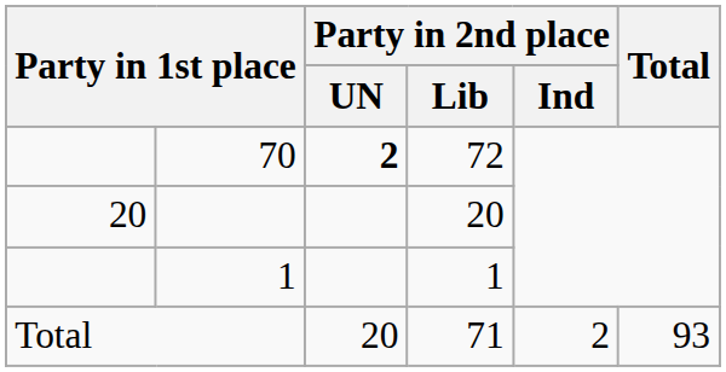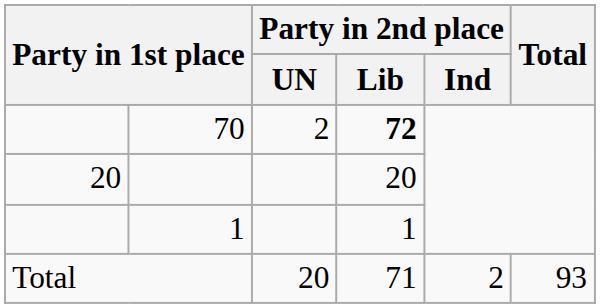 <table class="wikitable" style="text-align:right;">
 <tr>
 <th rowspan="2" colspan="2" style="text-align:left;">Party in 1st place</th>
 <th colspan="3">Party in 2nd place</th>
 <th rowspan="2">Total</th>
 </tr>
 <tr>
 <th>UN</th>
 <th>Lib</th>
 <th>Ind</th>
 </tr>
 <tr>
 <td></td>
 <td>70</td>
-<td><strong>2</strong></td>
-<td>72</td>
+<td>2</td>
+<td><strong>72</strong></td>
 </tr>
 <tr>
 <td>20</td>
 <td></td>
 <td></td>
 <td>20</td>
 </tr>
 <tr>
 <td></td>
 <td>1</td>
 <td></td>
 <td>1</td>
 </tr>
 <tr>
 <td colspan="2" style="text-align:left;">Total</td>
 <td>20</td>
 <td>71</td>
 <td>2</td>
 <td>93</td>
 </tr>
 </table>
